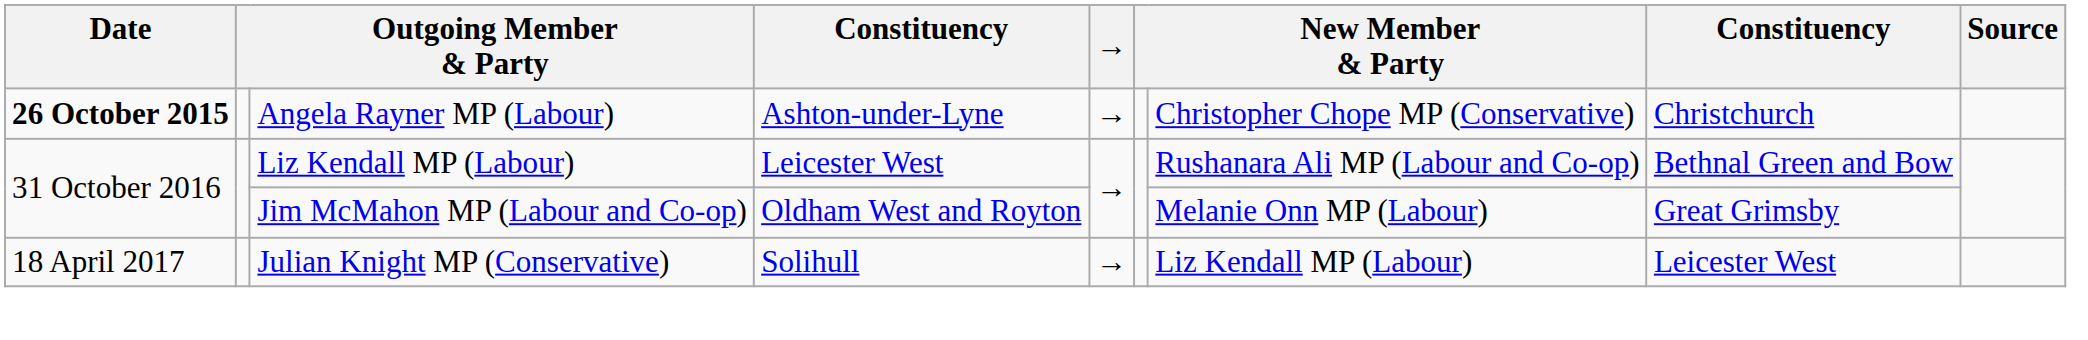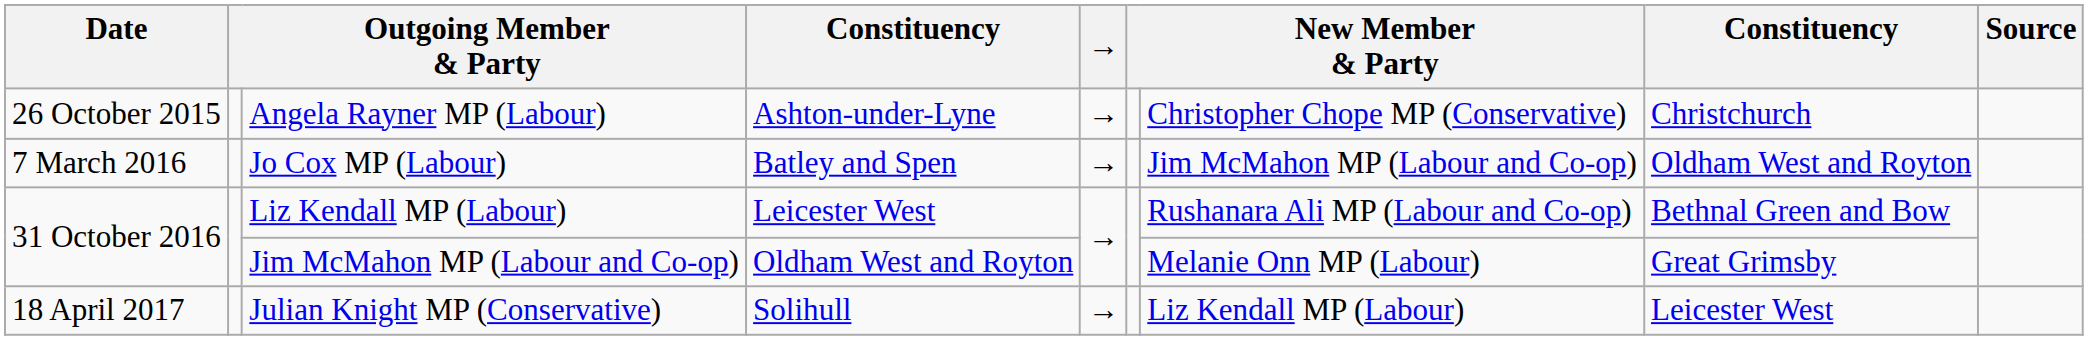 <table class="wikitable">
 <tr>
 <th valign="top">Date</th>
 <th colspan="2" valign="top">Outgoing Member<br>& Party</th>
 <th valign="top">Constituency</th>
 <th>→</th>
 <th colspan="2" valign="top">New Member<br>& Party</th>
 <th valign="top">Constituency</th>
 <th valign="top">Source</th>
 </tr>
 <tr>
-<td><strong>26 October 2015</strong></td>
+<td>26 October 2015</td>
 <td style="color:inherit;background:"></td>
 <td><a href='#'>Angela Rayner</a> MP (<a href='#'>Labour</a>)</td>
 <td><a href='#'>Ashton-under-Lyne</a></td>
 <td>→</td>
 <td style="color:inherit;background:"></td>
 <td><a href='#'>Christopher Chope</a> MP (<a href='#'>Conservative</a>)</td>
 <td><a href='#'>Christchurch</a></td>
+<td></td>
+</tr>
+<tr>
+<td>7 March 2016</td>
+<td style="color:inherit;background:"></td>
+<td><a href='#'>Jo Cox</a> MP (<a href='#'>Labour</a>)</td>
+<td><a href='#'>Batley and Spen</a></td>
+<td>→</td>
+<td style="color:inherit;background:"></td>
+<td><a href='#'>Jim McMahon</a> MP (<a href='#'>Labour and Co-op</a>)</td>
+<td><a href='#'>Oldham West and Royton</a></td>
 <td></td>
 </tr>
 <tr>
 <td rowspan=2>31 October 2016</td>
 <td rowspan=2 style="color:inherit;background:"></td>
 <td><a href='#'>Liz Kendall</a> MP (<a href='#'>Labour</a>)</td>
 <td><a href='#'>Leicester West</a></td>
 <td rowspan=2>→</td>
 <td rowspan=2 style="color:inherit;background:"></td>
 <td><a href='#'>Rushanara Ali</a> MP (<a href='#'>Labour and Co-op</a>)</td>
 <td><a href='#'>Bethnal Green and Bow</a></td>
 <td rowspan=2></td>
 </tr>
 <tr>
 <td><a href='#'>Jim McMahon</a> MP (<a href='#'>Labour and Co-op</a>)</td>
 <td><a href='#'>Oldham West and Royton</a></td>
 <td><a href='#'>Melanie Onn</a> MP (<a href='#'>Labour</a>)</td>
 <td><a href='#'>Great Grimsby</a></td>
 </tr>
 <tr>
 <td>18 April 2017</td>
 <td style="color:inherit;background:"></td>
 <td><a href='#'>Julian Knight</a> MP (<a href='#'>Conservative</a>)</td>
 <td><a href='#'>Solihull</a></td>
 <td>→</td>
 <td style="color:inherit;background:"></td>
 <td><a href='#'>Liz Kendall</a> MP (<a href='#'>Labour</a>)</td>
 <td><a href='#'>Leicester West</a></td>
 <td></td>
 </tr>
 </table>
